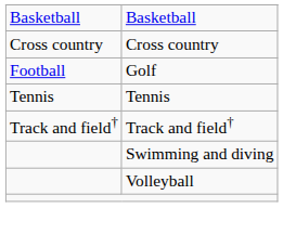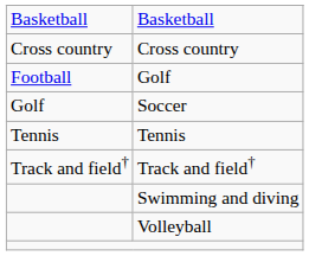 <table class="wikitable" style="float:right; clear:right; margin:0 0 1em 1em;">
 <tr>
 </tr>
 <tr>
 <td><a href='#'>Basketball</a></td>
 <td><a href='#'>Basketball</a></td>
 </tr>
 <tr>
 <td>Cross country</td>
 <td>Cross country</td>
 </tr>
 <tr>
 <td><a href='#'>Football</a></td>
 <td>Golf</td>
+</tr>
+<tr>
+<td>Golf</td>
+<td>Soccer</td>
 </tr>
 <tr>
 <td>Tennis</td>
 <td>Tennis</td>
 </tr>
 <tr>
 <td>Track and field<sup>†</sup></td>
 <td>Track and field<sup>†</sup></td>
 </tr>
 <tr>
 <td></td>
 <td>Swimming and diving</td>
 </tr>
 <tr>
 <td></td>
 <td>Volleyball</td>
 </tr>
 <tr>
 <td colspan="2"></td>
 </tr>
 </table>
